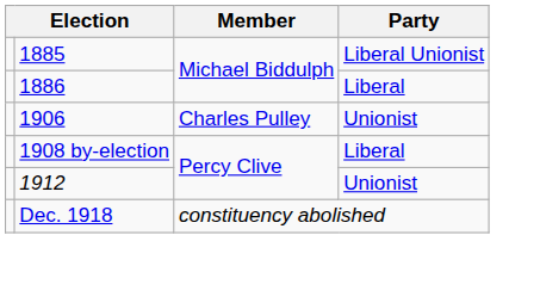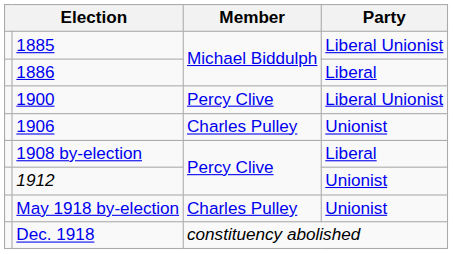 <table class="wikitable">
 <tr>
 <th colspan="2">Election</th>
 <th>Member</th>
 <th>Party</th>
 </tr>
 <tr>
 <td style="color:inherit;background-color: "></td>
 <td><a href='#'>1885</a></td>
 <td rowspan="2"><a href='#'>Michael Biddulph</a></td>
 <td><a href='#'>Liberal Unionist</a></td>
 </tr>
 <tr>
 <td style="color:inherit;background-color: "></td>
 <td><a href='#'>1886</a></td>
 <td><a href='#'>Liberal</a></td>
 </tr>
 <tr>
 <td style="color:inherit;background-color: "></td>
+<td><a href='#'>1900</a></td>
+<td><a href='#'>Percy Clive</a></td>
+<td><a href='#'>Liberal Unionist</a></td>
+</tr>
+<tr>
+<td style="color:inherit;background-color: "></td>
 <td><a href='#'>1906</a></td>
 <td><a href='#'>Charles Pulley</a></td>
 <td><a href='#'>Unionist</a></td>
 </tr>
 <tr>
 <td style="color:inherit;background-color: "></td>
 <td><a href='#'>1908 by-election</a></td>
 <td rowspan="2"><a href='#'>Percy Clive</a></td>
 <td><a href='#'>Liberal</a></td>
 </tr>
 <tr>
 <td style="color:inherit;background-color: "></td>
 <td><em>1912</em></td>
 <td><a href='#'>Unionist</a></td>
 </tr>
 <tr>
+<td style="color:inherit;background-color: "></td>
+<td><a href='#'>May 1918 by-election</a></td>
+<td><a href='#'>Charles Pulley</a></td>
+<td><a href='#'>Unionist</a></td>
+</tr>
+<tr>
 <td></td>
 <td><a href='#'>Dec. 1918</a></td>
 <td colspan="2"><em>constituency abolished</em></td>
 </tr>
 </table>
